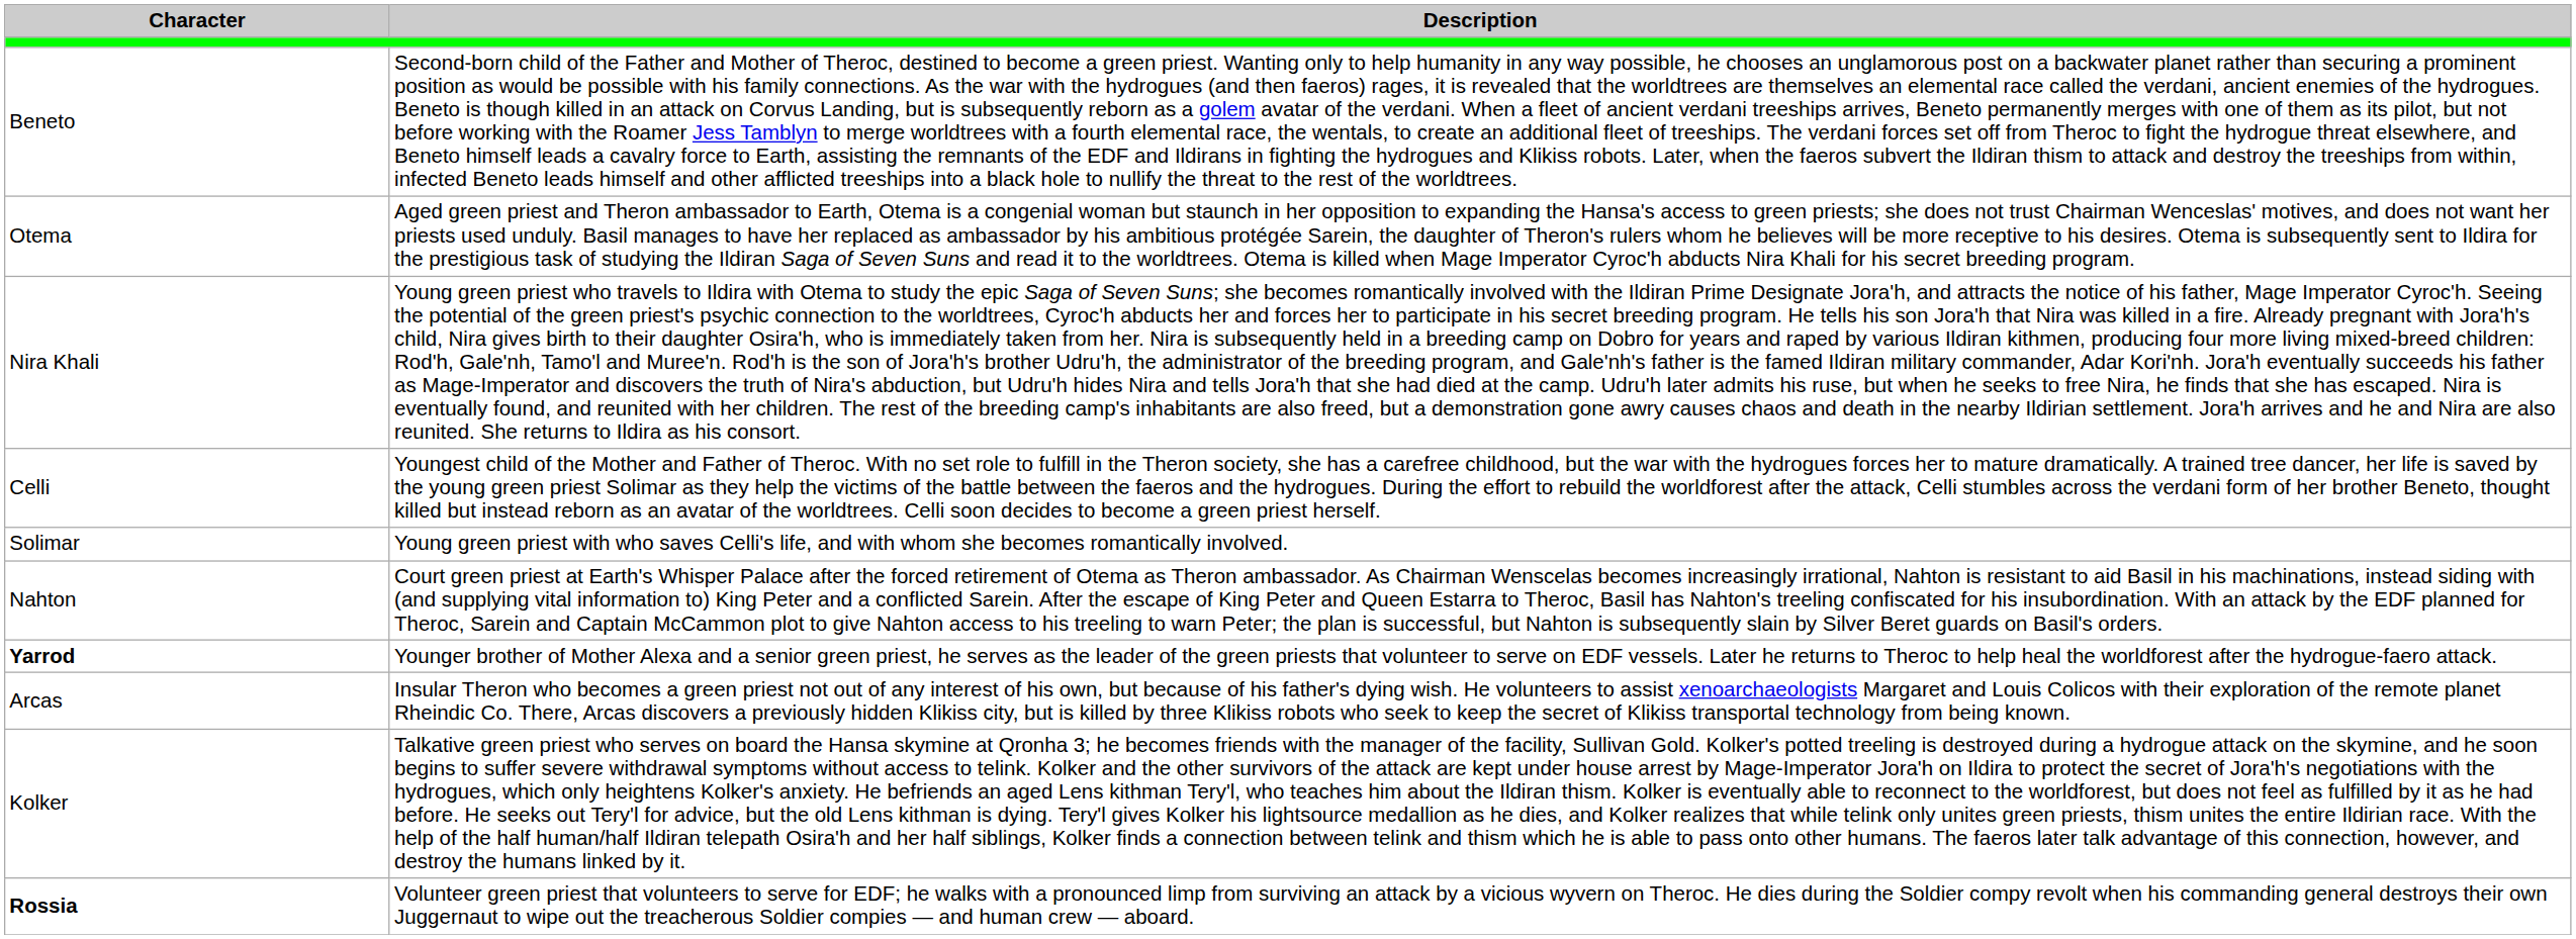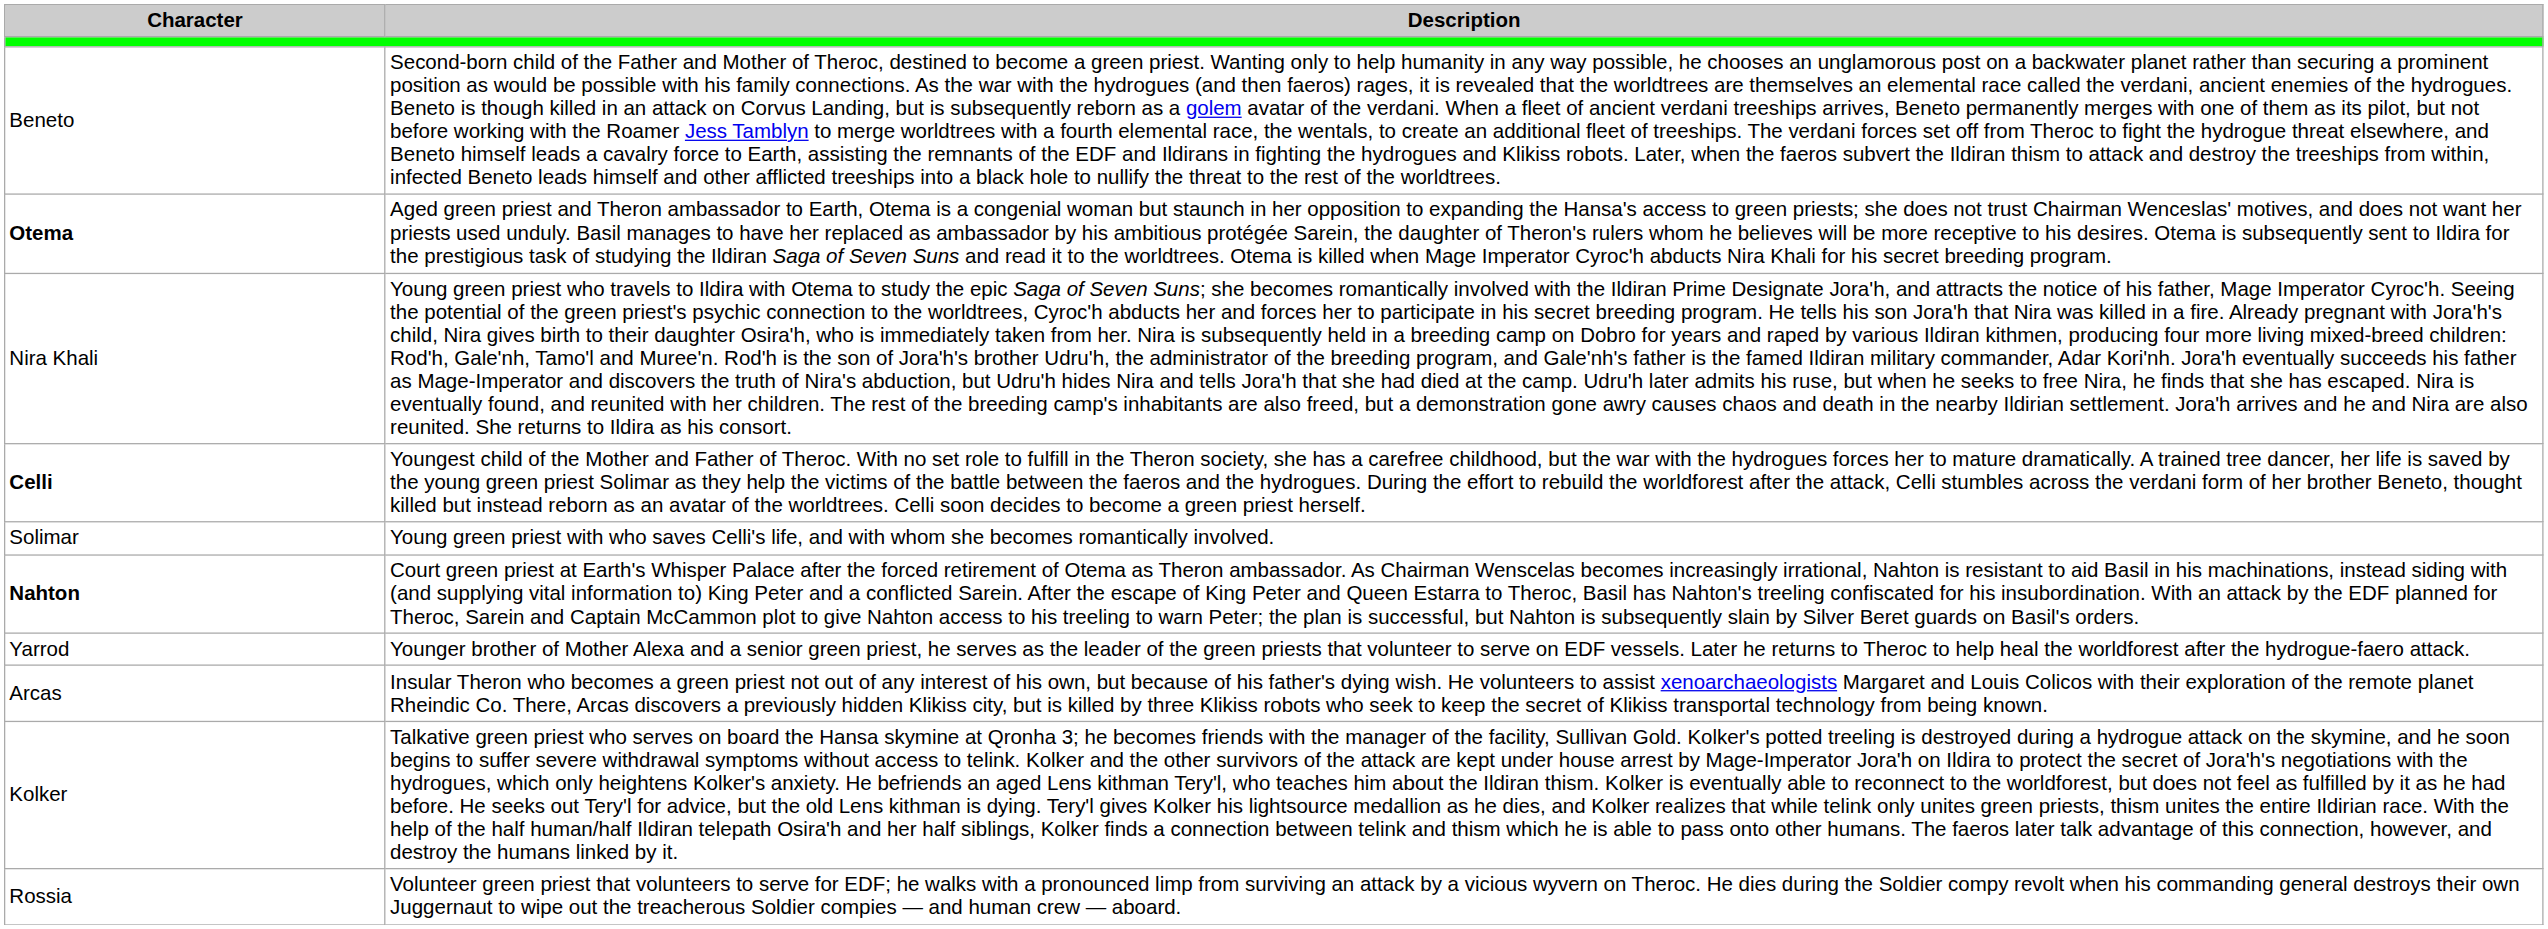 <table class="wikitable" style="width:100%; margin-right:auto; background:#fff;">
 <tr style="color:black">
 <th style="background:#ccc; width:15%;">Character</th>
 <th style="background:#ccc; width:85%;">Description</th>
 </tr>
 <tr>
 <td colspan="3" style="background:#00FF00;"></td>
 </tr>
 <tr>
 <td>Beneto</td>
 <td>Second-born child of the Father and Mother of Theroc, destined to become a green priest. Wanting only to help humanity in any way possible, he chooses an unglamorous post on a backwater planet rather than securing a prominent position as would be possible with his family connections. As the war with the hydrogues (and then faeros) rages, it is revealed that the worldtrees are themselves an elemental race called the verdani, ancient enemies of the hydrogues. Beneto is though killed in an attack on Corvus Landing, but is subsequently reborn as a <a href='#'>golem</a> avatar of the verdani. When a fleet of ancient verdani treeships arrives, Beneto permanently merges with one of them as its pilot, but not before working with the Roamer <a href='#'>Jess Tamblyn</a> to merge worldtrees with a fourth elemental race, the wentals, to create an additional fleet of treeships. The verdani forces set off from Theroc to fight the hydrogue threat elsewhere, and Beneto himself leads a cavalry force to Earth, assisting the remnants of the EDF and Ildirans in fighting the hydrogues and Klikiss robots. Later, when the faeros subvert the Ildiran thism to attack and destroy the treeships from within, infected Beneto leads himself and other afflicted treeships into a black hole to nullify the threat to the rest of the worldtrees.</td>
 </tr>
 <tr>
-<td>Otema</td>
+<td><strong>Otema</strong></td>
 <td>Aged green priest and Theron ambassador to Earth, Otema is a congenial woman but staunch in her opposition to expanding the Hansa's access to green priests; she does not trust Chairman Wenceslas' motives, and does not want her priests used unduly. Basil manages to have her replaced as ambassador by his ambitious protégée Sarein, the daughter of Theron's rulers whom he believes will be more receptive to his desires. Otema is subsequently sent to Ildira for the prestigious task of studying the Ildiran <em>Saga of Seven Suns</em> and read it to the worldtrees. Otema is killed when Mage Imperator Cyroc'h abducts Nira Khali for his secret breeding program.</td>
 </tr>
 <tr>
 <td>Nira Khali</td>
 <td>Young green priest who travels to Ildira with Otema to study the epic <em>Saga of Seven Suns</em>; she becomes romantically involved with the Ildiran Prime Designate Jora'h, and attracts the notice of his father, Mage Imperator Cyroc'h. Seeing the potential of the green priest's psychic connection to the worldtrees, Cyroc'h abducts her and forces her to participate in his secret breeding program. He tells his son Jora'h that Nira was killed in a fire. Already pregnant with Jora'h's child, Nira gives birth to their daughter Osira'h, who is immediately taken from her. Nira is subsequently held in a breeding camp on Dobro for years and raped by various Ildiran kithmen, producing four more living mixed-breed children: Rod'h, Gale'nh, Tamo'l and Muree'n. Rod'h is the son of Jora'h's brother Udru'h, the administrator of the breeding program, and Gale'nh's father is the famed Ildiran military commander, Adar Kori'nh. Jora'h eventually succeeds his father as Mage-Imperator and discovers the truth of Nira's abduction, but Udru'h hides Nira and tells Jora'h that she had died at the camp. Udru'h later admits his ruse, but when he seeks to free Nira, he finds that she has escaped. Nira is eventually found, and reunited with her children. The rest of the breeding camp's inhabitants are also freed, but a demonstration gone awry causes chaos and death in the nearby Ildirian settlement. Jora'h arrives and he and Nira are also reunited. She returns to Ildira as his consort.</td>
 </tr>
 <tr>
-<td>Celli</td>
+<td><strong>Celli</strong></td>
 <td>Youngest child of the Mother and Father of Theroc. With no set role to fulfill in the Theron society, she has a carefree childhood, but the war with the hydrogues forces her to mature dramatically. A trained tree dancer, her life is saved by the young green priest Solimar as they help the victims of the battle between the faeros and the hydrogues. During the effort to rebuild the worldforest after the attack, Celli stumbles across the verdani form of her brother Beneto, thought killed but instead reborn as an avatar of the worldtrees. Celli soon decides to become a green priest herself.</td>
 </tr>
 <tr>
 <td>Solimar</td>
 <td>Young green priest with who saves Celli's life, and with whom she becomes romantically involved.</td>
 </tr>
 <tr>
-<td>Nahton</td>
+<td><strong>Nahton</strong></td>
 <td>Court green priest at Earth's Whisper Palace after the forced retirement of Otema as Theron ambassador. As Chairman Wenscelas becomes increasingly irrational, Nahton is resistant to aid Basil in his machinations, instead siding with (and supplying vital information to) King Peter and a conflicted Sarein. After the escape of King Peter and Queen Estarra to Theroc, Basil has Nahton's treeling confiscated for his insubordination. With an attack by the EDF planned for Theroc, Sarein and Captain McCammon plot to give Nahton access to his treeling to warn Peter; the plan is successful, but Nahton is subsequently slain by Silver Beret guards on Basil's orders.</td>
 </tr>
 <tr>
-<td><strong>Yarrod</strong></td>
+<td>Yarrod</td>
 <td>Younger brother of Mother Alexa and a senior green priest, he serves as the leader of the green priests that volunteer to serve on EDF vessels. Later he returns to Theroc to help heal the worldforest after the hydrogue-faero attack.</td>
 </tr>
 <tr>
 <td>Arcas</td>
 <td>Insular Theron who becomes a green priest not out of any interest of his own, but because of his father's dying wish. He volunteers to assist <a href='#'>xenoarchaeologists</a> Margaret and Louis Colicos with their exploration of the remote planet Rheindic Co. There, Arcas discovers a previously hidden Klikiss city, but is killed by three Klikiss robots who seek to keep the secret of Klikiss transportal technology from being known.</td>
 </tr>
 <tr>
 <td>Kolker</td>
 <td>Talkative green priest who serves on board the Hansa skymine at Qronha 3; he becomes friends with the manager of the facility, Sullivan Gold. Kolker's potted treeling is destroyed during a hydrogue attack on the skymine, and he soon begins to suffer severe withdrawal symptoms without access to telink. Kolker and the other survivors of the attack are kept under house arrest by Mage-Imperator Jora'h on Ildira to protect the secret of Jora'h's negotiations with the hydrogues, which only heightens Kolker's anxiety. He befriends an aged Lens kithman Tery'l, who teaches him about the Ildiran thism. Kolker is eventually able to reconnect to the worldforest, but does not feel as fulfilled by it as he had before. He seeks out Tery'l for advice, but the old Lens kithman is dying. Tery'l gives Kolker his lightsource medallion as he dies, and Kolker realizes that while telink only unites green priests, thism unites the entire Ildirian race. With the help of the half human/half Ildiran telepath Osira'h and her half siblings, Kolker finds a connection between telink and thism which he is able to pass onto other humans. The faeros later talk advantage of this connection, however, and destroy the humans linked by it.</td>
 </tr>
 <tr>
-<td><strong>Rossia</strong></td>
+<td>Rossia</td>
 <td>Volunteer green priest that volunteers to serve for EDF; he walks with a pronounced limp from surviving an attack by a vicious wyvern on Theroc. He dies during the Soldier compy revolt when his commanding general destroys their own Juggernaut to wipe out the treacherous Soldier compies — and human crew — aboard.</td>
 </tr>
 </table>
